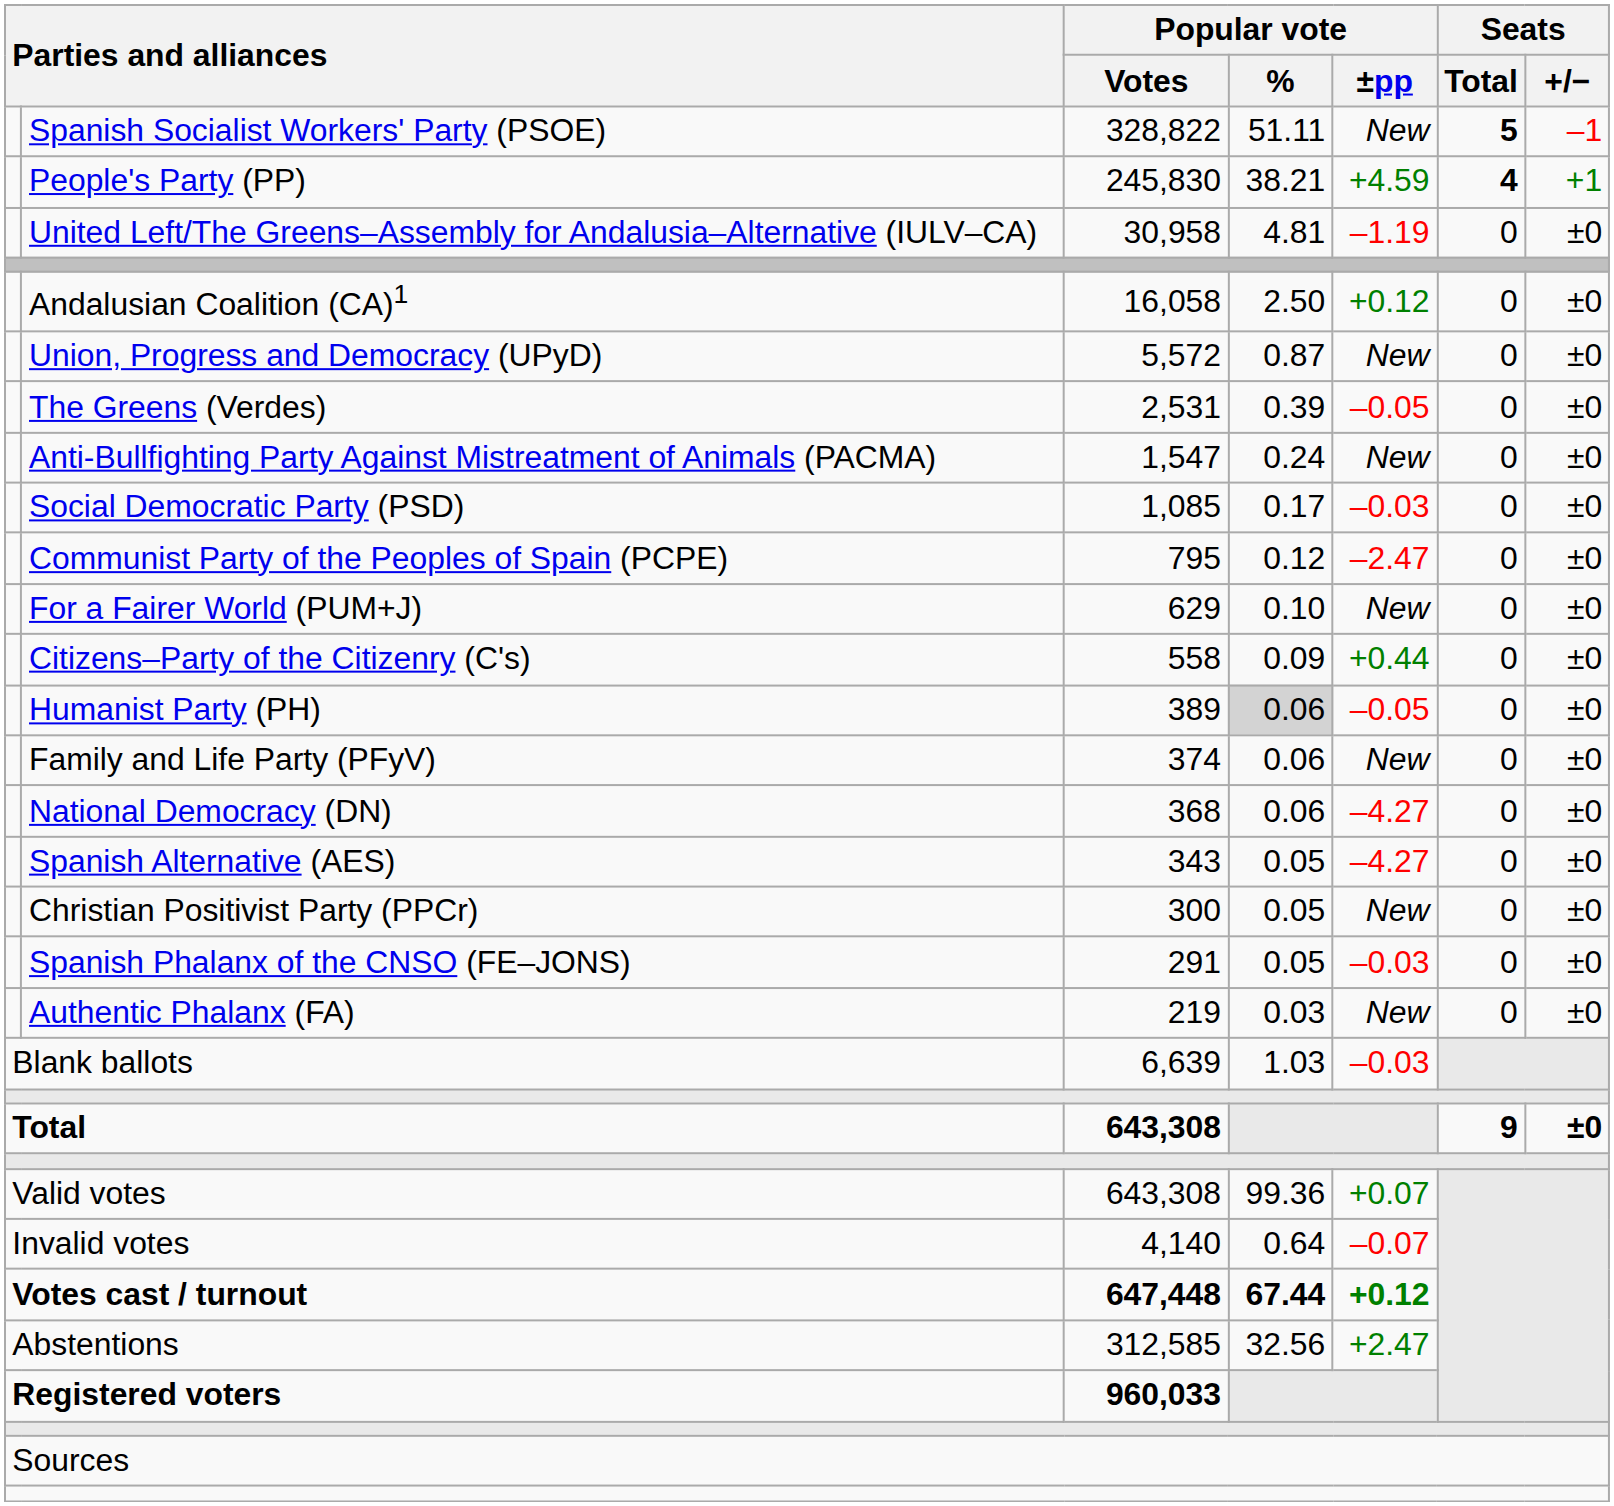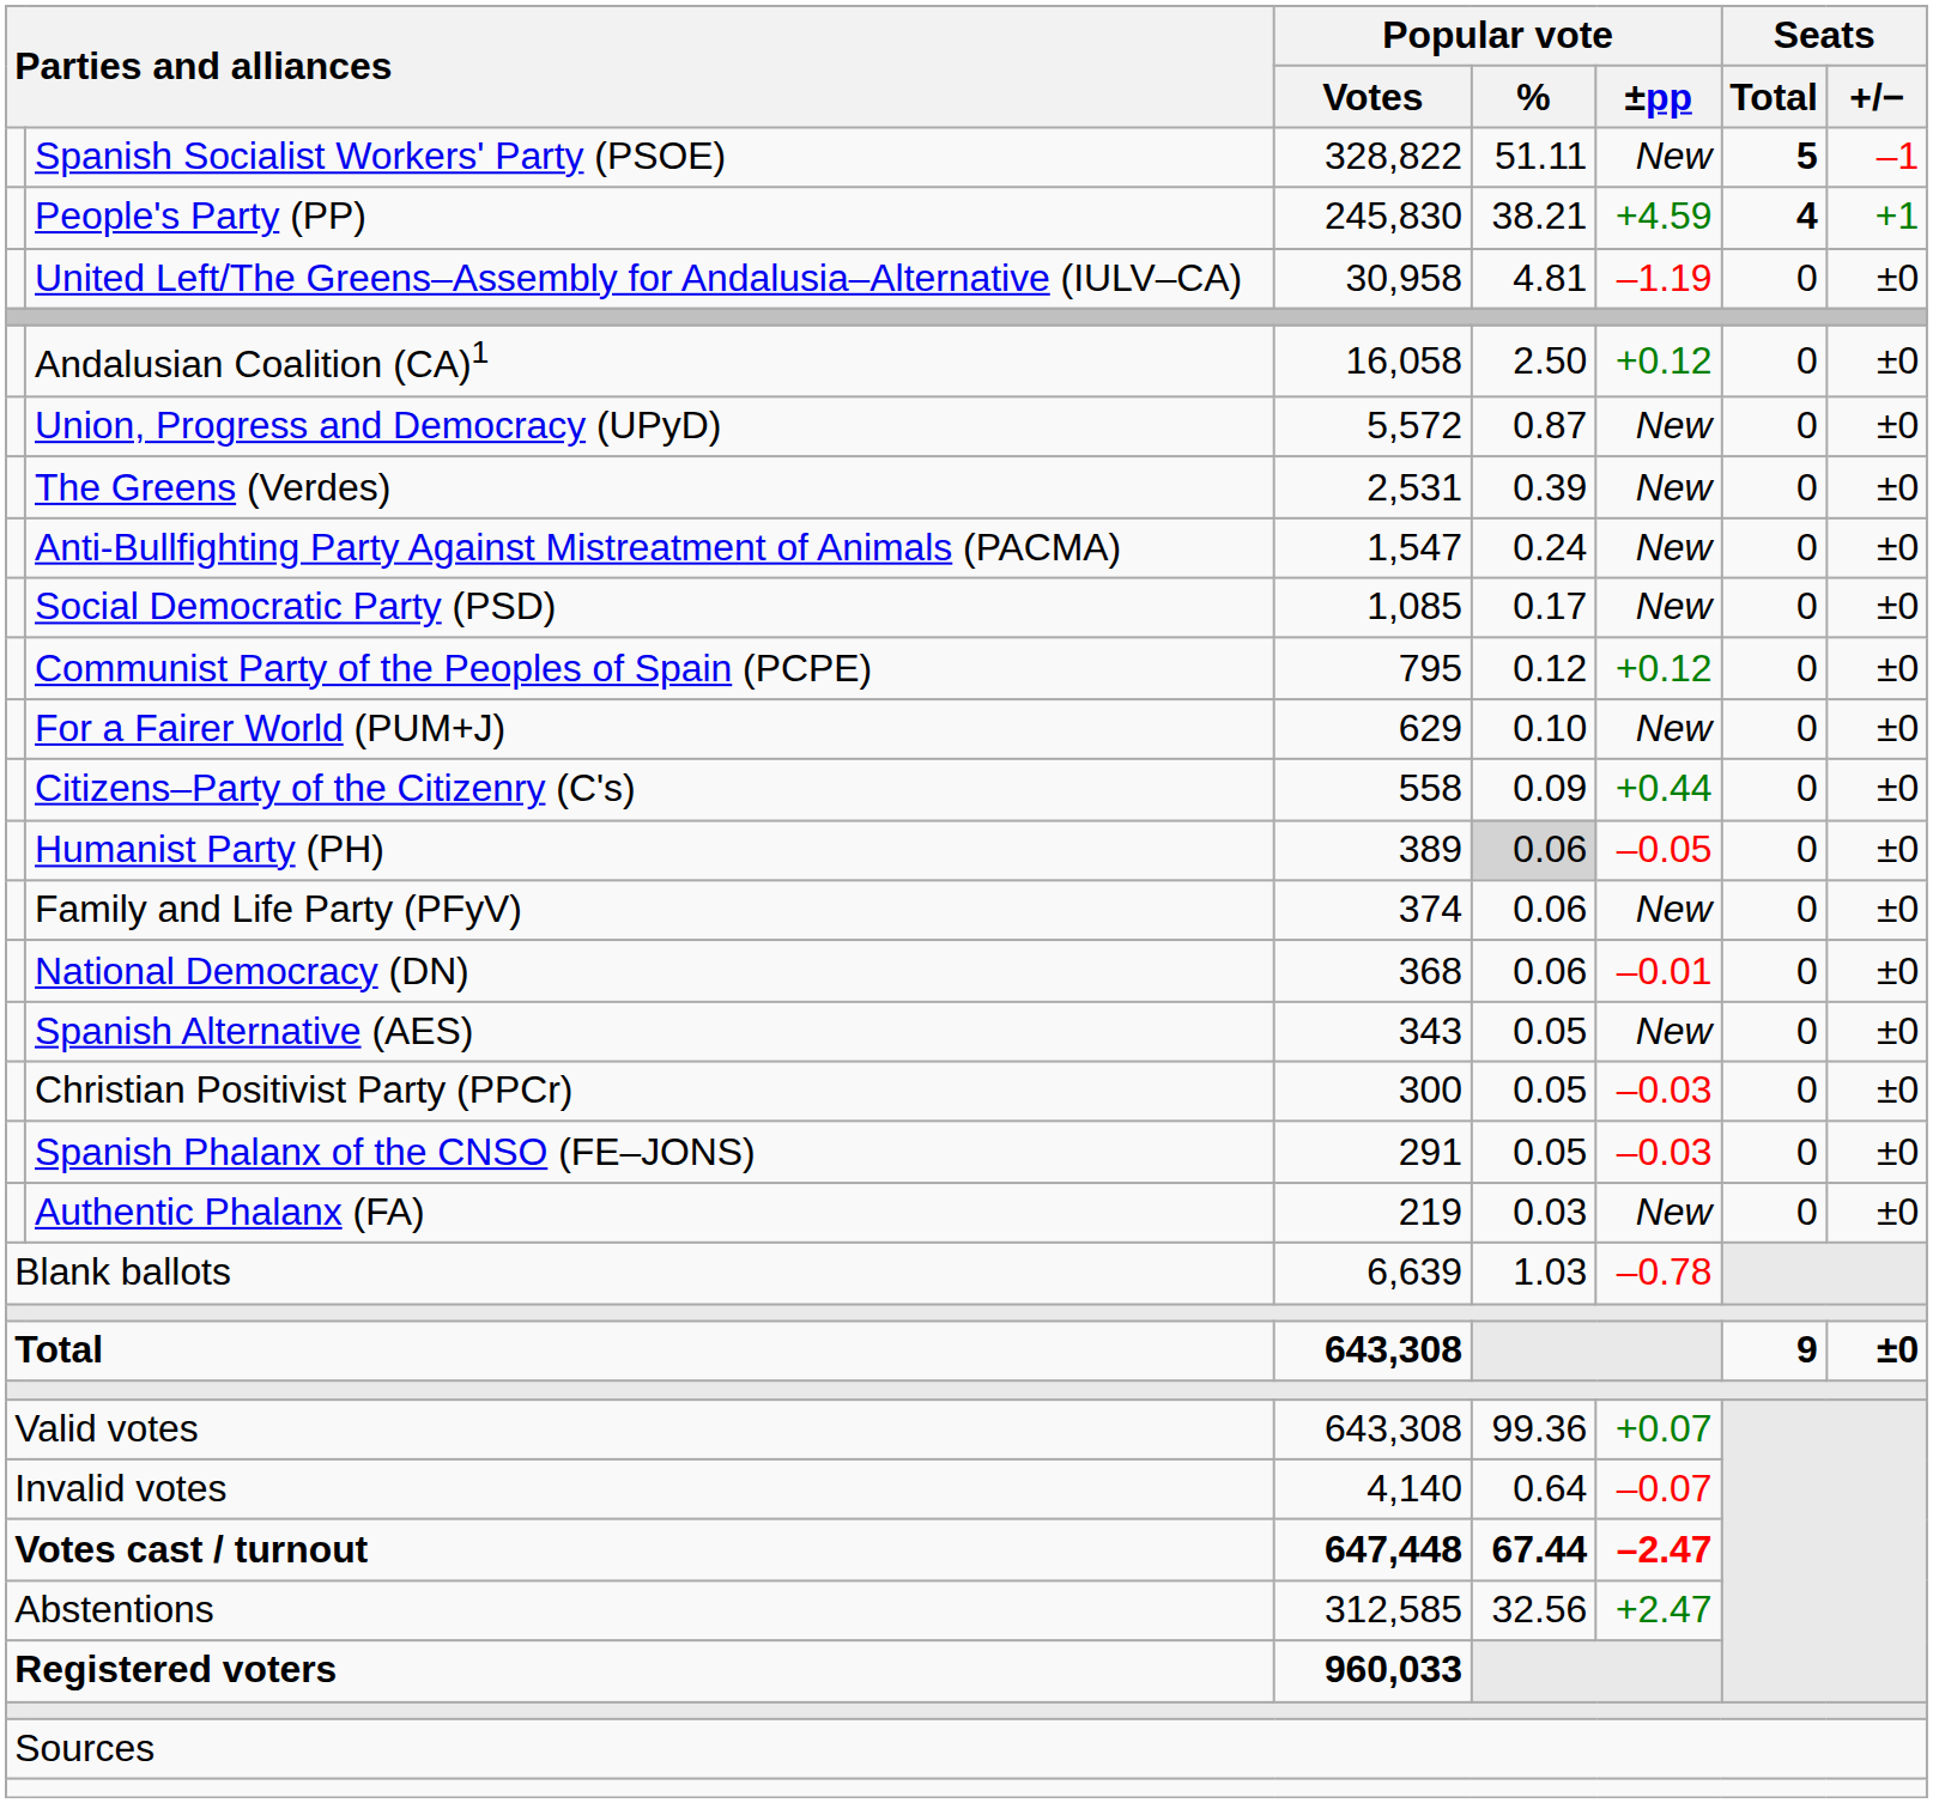 <table class="wikitable" style="text-align:right;">
 <tr>
 <th style="text-align:left;" rowspan="2" colspan="2" width="525">Parties and alliances</th>
 <th colspan="3">Popular vote</th>
 <th colspan="2">Seats</th>
 </tr>
 <tr>
 <th width="75">Votes</th>
 <th width="45">%</th>
 <th width="45">±<a href='#'>pp</a></th>
 <th width="35">Total</th>
 <th width="35">+/−</th>
 </tr>
 <tr>
 <td width="1" style="color:inherit;background:"></td>
 <td align="left"><a href='#'>Spanish Socialist Workers' Party</a> (PSOE)</td>
 <td>328,822</td>
 <td>51.11</td>
 <td><em>New</em></td>
 <td><strong>5</strong></td>
 <td style="color:red;">–1</td>
 </tr>
 <tr>
 <td style="color:inherit;background:"></td>
 <td align="left"><a href='#'>People's Party</a> (PP)</td>
 <td>245,830</td>
 <td>38.21</td>
 <td style="color:green;">+4.59</td>
 <td><strong>4</strong></td>
 <td style="color:green;">+1</td>
 </tr>
 <tr>
 <td style="color:inherit;background:"></td>
 <td align="left"><a href='#'>United Left/The Greens–Assembly for Andalusia–Alternative</a> (IULV–CA)</td>
 <td>30,958</td>
 <td>4.81</td>
 <td style="color:red;">–1.19</td>
 <td>0</td>
 <td>±0</td>
 </tr>
 <tr>
 <td colspan="7" bgcolor="#C0C0C0"></td>
 </tr>
 <tr>
 <td style="color:inherit;background:"></td>
 <td align="left">Andalusian Coalition (CA)<sup>1</sup></td>
 <td>16,058</td>
 <td>2.50</td>
 <td style="color:green;">+0.12</td>
 <td>0</td>
 <td>±0</td>
 </tr>
 <tr>
 <td style="color:inherit;background:"></td>
 <td align="left"><a href='#'>Union, Progress and Democracy</a> (UPyD)</td>
 <td>5,572</td>
 <td>0.87</td>
 <td><em>New</em></td>
 <td>0</td>
 <td>±0</td>
 </tr>
 <tr>
 <td style="color:inherit;background:"></td>
 <td align="left"><a href='#'>The Greens</a> (Verdes)</td>
 <td>2,531</td>
 <td>0.39</td>
-<td style="color:red;">–0.05</td>
+<td><em>New</em></td>
 <td>0</td>
 <td>±0</td>
 </tr>
 <tr>
 <td style="color:inherit;background:"></td>
 <td align="left"><a href='#'>Anti-Bullfighting Party Against Mistreatment of Animals</a> (PACMA)</td>
 <td>1,547</td>
 <td>0.24</td>
 <td><em>New</em></td>
 <td>0</td>
 <td>±0</td>
 </tr>
 <tr>
 <td style="color:inherit;background:"></td>
 <td align="left"><a href='#'>Social Democratic Party</a> (PSD)</td>
 <td>1,085</td>
 <td>0.17</td>
-<td style="color:red;">–0.03</td>
+<td><em>New</em></td>
 <td>0</td>
 <td>±0</td>
 </tr>
 <tr>
 <td style="color:inherit;background:"></td>
 <td align="left"><a href='#'>Communist Party of the Peoples of Spain</a> (PCPE)</td>
 <td>795</td>
 <td>0.12</td>
-<td style="color:red;">–2.47</td>
+<td style="color:green;">+0.12</td>
 <td>0</td>
 <td>±0</td>
 </tr>
 <tr>
 <td style="color:inherit;background:"></td>
 <td align="left"><a href='#'>For a Fairer World</a> (PUM+J)</td>
 <td>629</td>
 <td>0.10</td>
 <td><em>New</em></td>
 <td>0</td>
 <td>±0</td>
 </tr>
 <tr>
 <td style="color:inherit;background:"></td>
 <td align="left"><a href='#'>Citizens–Party of the Citizenry</a> (C's)</td>
 <td>558</td>
 <td>0.09</td>
 <td style="color:green;">+0.44</td>
 <td>0</td>
 <td>±0</td>
 </tr>
 <tr>
 <td style="color:inherit;background:"></td>
 <td align="left"><a href='#'>Humanist Party</a> (PH)</td>
 <td>389</td>
 <td style="background: lightgrey;">0.06</td>
 <td style="color:red;">–0.05</td>
 <td>0</td>
 <td>±0</td>
 </tr>
 <tr>
 <td style="color:inherit;background:"></td>
 <td align="left">Family and Life Party (PFyV)</td>
 <td>374</td>
 <td>0.06</td>
 <td><em>New</em></td>
 <td>0</td>
 <td>±0</td>
 </tr>
 <tr>
 <td style="color:inherit;background:"></td>
 <td align="left"><a href='#'>National Democracy</a> (DN)</td>
 <td>368</td>
 <td>0.06</td>
-<td style="color:red;">–4.27</td>
+<td style="color:red;">–0.01</td>
 <td>0</td>
 <td>±0</td>
 </tr>
 <tr>
 <td style="color:inherit;background:"></td>
 <td align="left"><a href='#'>Spanish Alternative</a> (AES)</td>
 <td>343</td>
 <td>0.05</td>
-<td style="color:red;">–4.27</td>
+<td><em>New</em></td>
 <td>0</td>
 <td>±0</td>
 </tr>
 <tr>
 <td style="color:inherit;background:"></td>
 <td align="left">Christian Positivist Party (PPCr)</td>
 <td>300</td>
 <td>0.05</td>
-<td><em>New</em></td>
+<td style="color:red;">–0.03</td>
 <td>0</td>
 <td>±0</td>
 </tr>
 <tr>
 <td style="color:inherit;background:"></td>
 <td align="left"><a href='#'>Spanish Phalanx of the CNSO</a> (FE–JONS)</td>
 <td>291</td>
 <td>0.05</td>
 <td style="color:red;">–0.03</td>
 <td>0</td>
 <td>±0</td>
 </tr>
 <tr>
 <td style="color:inherit;background:"></td>
 <td align="left"><a href='#'>Authentic Phalanx</a> (FA)</td>
 <td>219</td>
 <td>0.03</td>
 <td><em>New</em></td>
 <td>0</td>
 <td>±0</td>
 </tr>
 <tr>
 <td align="left" colspan="2">Blank ballots</td>
 <td>6,639</td>
 <td>1.03</td>
-<td style="color:red;">–0.03</td>
+<td style="color:red;">–0.78</td>
 <td bgcolor="#E9E9E9" colspan="2"></td>
 </tr>
 <tr>
 <td colspan="7" bgcolor="#E9E9E9"></td>
 </tr>
 <tr style="font-weight:bold;">
 <td align="left" colspan="2">Total</td>
 <td>643,308</td>
 <td bgcolor="#E9E9E9" colspan="2"></td>
 <td>9</td>
 <td>±0</td>
 </tr>
 <tr>
 <td colspan="7" bgcolor="#E9E9E9"></td>
 </tr>
 <tr>
 <td align="left" colspan="2">Valid votes</td>
 <td>643,308</td>
 <td>99.36</td>
 <td style="color:green;">+0.07</td>
 <td bgcolor="#E9E9E9" colspan="2" rowspan="5"></td>
 </tr>
 <tr>
 <td align="left" colspan="2">Invalid votes</td>
 <td>4,140</td>
 <td>0.64</td>
 <td style="color:red;">–0.07</td>
 </tr>
 <tr style="font-weight:bold;">
 <td align="left" colspan="2">Votes cast / turnout</td>
 <td>647,448</td>
 <td>67.44</td>
-<td style="color:green;">+0.12</td>
+<td style="color:red;">–2.47</td>
 </tr>
 <tr>
 <td align="left" colspan="2">Abstentions</td>
 <td>312,585</td>
 <td>32.56</td>
 <td style="color:green;">+2.47</td>
 </tr>
 <tr style="font-weight:bold;">
 <td align="left" colspan="2">Registered voters</td>
 <td>960,033</td>
 <td bgcolor="#E9E9E9" colspan="2"></td>
 </tr>
 <tr>
 <td colspan="7" bgcolor="#E9E9E9"></td>
 </tr>
 <tr>
 <td align="left" colspan="7">Sources</td>
 </tr>
 <tr>
 <td colspan="7" style="text-align:left; max-width:790px;"></td>
 </tr>
 </table>
